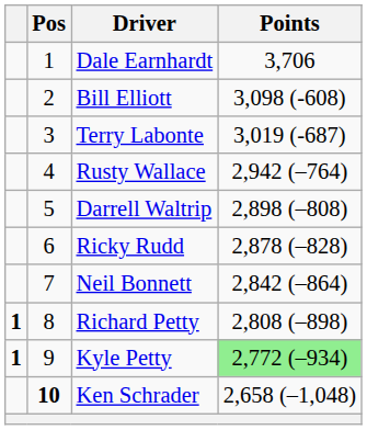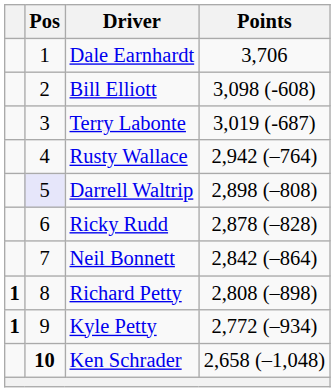 <table class="wikitable" style="font-size: 95%;">
 <tr>
 <th></th>
 <th>Pos</th>
 <th>Driver</th>
 <th>Points</th>
 </tr>
 <tr>
 <td align="left"></td>
 <td style="text-align:center;">1</td>
 <td><a href='#'>Dale Earnhardt</a></td>
 <td style="text-align:center;">3,706</td>
 </tr>
 <tr>
 <td align="left"></td>
 <td style="text-align:center;">2</td>
 <td><a href='#'>Bill Elliott</a></td>
 <td style="text-align:center;">3,098 (-608)</td>
 </tr>
 <tr>
 <td align="left"></td>
 <td style="text-align:center;">3</td>
 <td><a href='#'>Terry Labonte</a></td>
 <td style="text-align:center;">3,019 (-687)</td>
 </tr>
 <tr>
 <td align="left"></td>
 <td style="text-align:center;">4</td>
 <td><a href='#'>Rusty Wallace</a></td>
 <td style="text-align:center;">2,942 (–764)</td>
 </tr>
 <tr>
 <td align="left"></td>
-<td style="text-align:center;">5</td>
+<td style="background: lavender; text-align:center;">5</td>
 <td><a href='#'>Darrell Waltrip</a></td>
 <td style="text-align:center;">2,898 (–808)</td>
 </tr>
 <tr>
 <td align="left"></td>
 <td style="text-align:center;">6</td>
 <td><a href='#'>Ricky Rudd</a></td>
 <td style="text-align:center;">2,878 (–828)</td>
 </tr>
 <tr>
 <td align="left"></td>
 <td style="text-align:center;">7</td>
 <td><a href='#'>Neil Bonnett</a></td>
 <td style="text-align:center;">2,842 (–864)</td>
 </tr>
 <tr>
 <td align="left">  <strong>1</strong></td>
 <td style="text-align:center;">8</td>
 <td><a href='#'>Richard Petty</a></td>
 <td style="text-align:center;">2,808 (–898)</td>
 </tr>
 <tr>
 <td align="left">  <strong>1</strong></td>
 <td style="text-align:center;">9</td>
 <td><a href='#'>Kyle Petty</a></td>
-<td style="background: lightgreen; text-align:center;">2,772 (–934)</td>
+<td style="text-align:center;">2,772 (–934)</td>
 </tr>
 <tr>
 <td align="left"></td>
 <td style="text-align:center;"><strong>10</strong></td>
 <td><a href='#'>Ken Schrader</a></td>
 <td style="text-align:center;">2,658 (–1,048)</td>
 </tr>
 <tr class="sortbottom">
 <th colspan="9"></th>
 </tr>
 </table>
